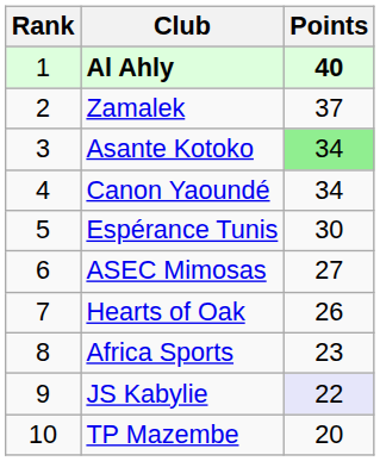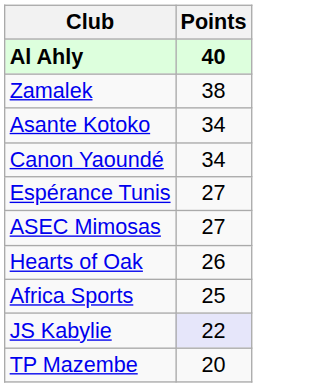 <table class="wikitable" style="text-align: center; display:inline-table;">
 <tr>
-<th>Rank</th>
 <th>Club</th>
 <th>Points</th>
 </tr>
 <tr style="background:#dfd;">
-<td>1</td>
 <td align=left> <strong>Al Ahly</strong></td>
 <td><strong>40</strong></td>
 </tr>
 <tr>
-<td>2</td>
 <td align=left> <a href='#'>Zamalek</a></td>
-<td>37</td>
+<td>38</td>
 </tr>
 <tr>
-<td>3</td>
 <td align=left> <a href='#'>Asante Kotoko</a></td>
-<td style="background: lightgreen;">34</td>
+<td>34</td>
 </tr>
 <tr>
-<td>4</td>
 <td align=left> <a href='#'>Canon Yaoundé</a></td>
 <td>34</td>
 </tr>
 <tr>
-<td>5</td>
 <td align=left> <a href='#'>Espérance Tunis</a></td>
-<td>30</td>
+<td>27</td>
 </tr>
 <tr>
-<td>6</td>
 <td align=left> <a href='#'>ASEC Mimosas</a></td>
 <td>27</td>
 </tr>
 <tr>
-<td>7</td>
 <td align=left> <a href='#'>Hearts of Oak</a></td>
 <td>26</td>
 </tr>
 <tr>
-<td>8</td>
 <td align=left> <a href='#'>Africa Sports</a></td>
-<td>23</td>
+<td>25</td>
 </tr>
 <tr>
-<td>9</td>
 <td align=left> <a href='#'>JS Kabylie</a></td>
 <td style="background: lavender;">22</td>
 </tr>
 <tr>
-<td>10</td>
 <td align=left> <a href='#'>TP Mazembe</a></td>
 <td>20</td>
 </tr>
 </table>
